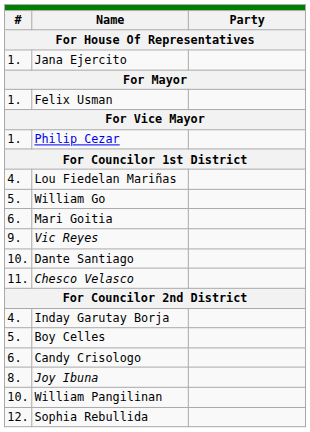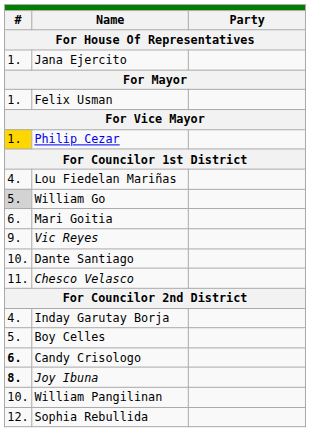 <table class=wikitable style="font-size:90%">
 <tr>
 <td colspan=4 bgcolor=008000></td>
 </tr>
 <tr>
 <th>#</th>
 <th width=150px>Name</th>
 <th colspan=2 width=110px>Party</th>
 </tr>
 <tr>
 <th colspan=5>For House Of Representatives</th>
 </tr>
 <tr>
 <td>1.</td>
 <td>Jana Ejercito</td>
 <td></td>
 </tr>
 <tr>
 <th colspan=5>For Mayor</th>
 </tr>
 <tr>
 <td>1.</td>
 <td>Felix Usman</td>
 <td></td>
 </tr>
 <tr>
 <th colspan=5>For Vice Mayor</th>
 </tr>
 <tr>
-<td>1.</td>
+<td style="background: gold;">1.</td>
 <td><a href='#'>Philip Cezar</a></td>
 <td></td>
 </tr>
 <tr>
 <th colspan=5>For Councilor 1st District</th>
 </tr>
 <tr>
 <td>4.</td>
 <td>Lou Fiedelan Mariñas</td>
 <td></td>
 </tr>
 <tr>
-<td>5.</td>
+<td style="background: lightgrey;">5.</td>
 <td>William Go</td>
 <td></td>
 </tr>
 <tr>
 <td>6.</td>
 <td>Mari Goitia</td>
 <td></td>
 </tr>
 <tr>
 <td>9.</td>
 <td><em>Vic Reyes</em></td>
 <td></td>
 </tr>
 <tr>
 <td>10.</td>
 <td>Dante Santiago</td>
 <td></td>
 </tr>
 <tr>
 <td>11.</td>
 <td><em>Chesco Velasco</em></td>
 <td></td>
 </tr>
 <tr>
 <th colspan=5>For Councilor 2nd District</th>
 </tr>
 <tr>
 <td>4.</td>
 <td>Inday Garutay Borja</td>
 <td></td>
 </tr>
 <tr>
 <td>5.</td>
 <td>Boy Celles</td>
 <td></td>
 </tr>
 <tr>
-<td>6.</td>
+<td><strong>6.</strong></td>
 <td>Candy Crisologo</td>
 <td></td>
 </tr>
 <tr>
-<td>8.</td>
+<td><strong>8.</strong></td>
 <td><em>Joy Ibuna</em></td>
 <td></td>
 </tr>
 <tr>
 <td>10.</td>
 <td>William Pangilinan</td>
 <td></td>
 </tr>
 <tr>
 <td>12.</td>
 <td>Sophia Rebullida</td>
 <td></td>
 </tr>
 </table>
